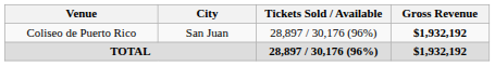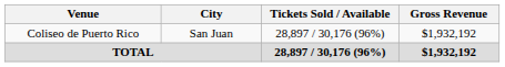 <table class="wikitable" style="text-align:center">
 <tr>
 <th style="width:200px;">Venue</th>
 <th style="width:125px;">City</th>
 <th style="width:175px;">Tickets Sold / Available</th>
 <th style="width:125px;">Gross Revenue</th>
 </tr>
 <tr>
 <td>Coliseo de Puerto Rico</td>
 <td>San Juan</td>
 <td>28,897 / 30,176 (96%)</td>
-<td><strong>$1,932,192</strong></td>
+<td>$1,932,192</td>
 </tr>
 <tr style="background:#ddd;">
 <td colspan="2"><strong>TOTAL</strong></td>
 <td><strong>28,897 / 30,176 (96%)</strong></td>
 <td><strong>$1,932,192</strong></td>
 </tr>
 </table>
